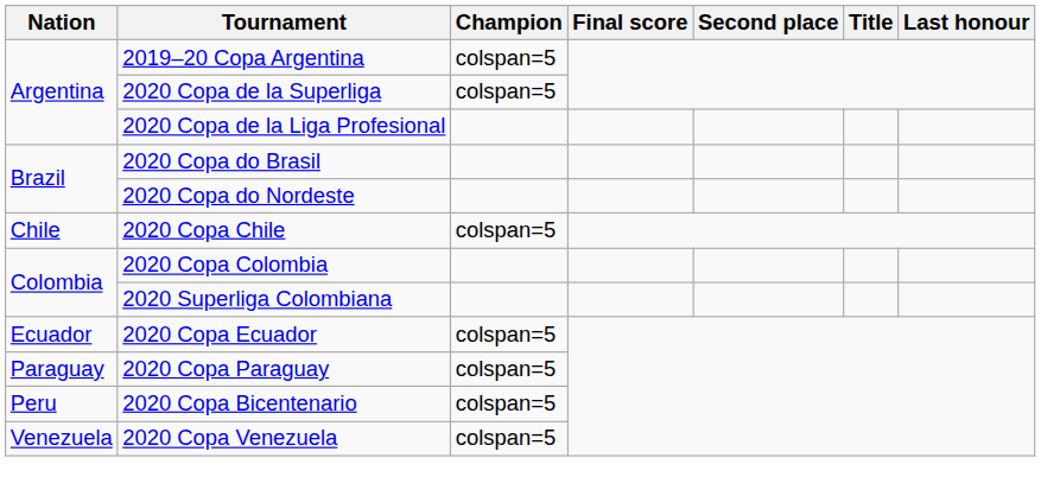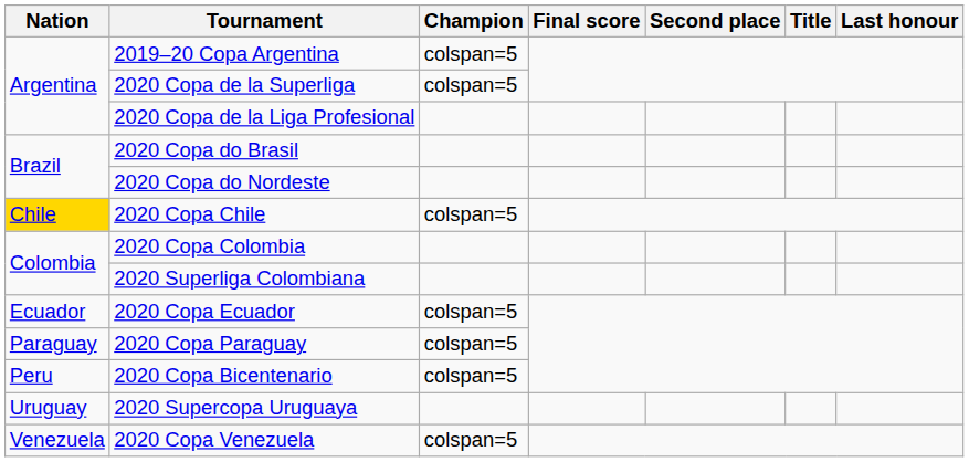 <table class="wikitable sortable">
 <tr>
 <th>Nation</th>
 <th>Tournament</th>
 <th>Champion</th>
 <th>Final score</th>
 <th>Second place</th>
 <th data-sort-type="number">Title</th>
 <th>Last honour</th>
 </tr>
 <tr>
 <td rowspan="3"> <a href='#'>Argentina</a></td>
 <td><a href='#'>2019–20 Copa Argentina</a></td>
 <td>colspan=5 </td>
 </tr>
 <tr>
 <td><a href='#'>2020 Copa de la Superliga</a></td>
 <td>colspan=5 </td>
 </tr>
 <tr>
 <td><a href='#'>2020 Copa de la Liga Profesional</a></td>
 <td></td>
 <td></td>
 <td></td>
 <td></td>
 <td></td>
 </tr>
 <tr>
 <td rowspan="2"> <a href='#'>Brazil</a></td>
 <td><a href='#'>2020 Copa do Brasil</a></td>
 <td></td>
 <td></td>
 <td></td>
 <td></td>
 <td></td>
 </tr>
 <tr>
 <td><a href='#'>2020 Copa do Nordeste</a></td>
 <td></td>
 <td></td>
 <td></td>
 <td></td>
 <td></td>
 </tr>
 <tr>
-<td> <a href='#'>Chile</a></td>
+<td style="background: gold;"> <a href='#'>Chile</a></td>
 <td><a href='#'>2020 Copa Chile</a></td>
 <td>colspan=5 </td>
 </tr>
 <tr>
 <td rowspan=2> <a href='#'>Colombia</a></td>
 <td><a href='#'>2020 Copa Colombia</a></td>
 <td></td>
 <td></td>
 <td></td>
 <td></td>
 <td></td>
 </tr>
 <tr>
 <td><a href='#'>2020 Superliga Colombiana</a></td>
 <td></td>
 <td></td>
 <td></td>
 <td></td>
 <td></td>
 </tr>
 <tr>
 <td> <a href='#'>Ecuador</a></td>
 <td><a href='#'>2020 Copa Ecuador</a></td>
 <td>colspan=5 </td>
 </tr>
 <tr>
 <td> <a href='#'>Paraguay</a></td>
 <td><a href='#'>2020 Copa Paraguay</a></td>
 <td>colspan=5 </td>
 </tr>
 <tr>
 <td> <a href='#'>Peru</a></td>
 <td><a href='#'>2020 Copa Bicentenario</a></td>
 <td>colspan=5 </td>
 </tr>
 <tr>
+<td> <a href='#'>Uruguay</a></td>
+<td><a href='#'>2020 Supercopa Uruguaya</a></td>
+<td></td>
+<td></td>
+<td></td>
+<td></td>
+<td></td>
+</tr>
+<tr>
 <td> <a href='#'>Venezuela</a></td>
 <td><a href='#'>2020 Copa Venezuela</a></td>
 <td>colspan=5 </td>
 </tr>
 </table>
